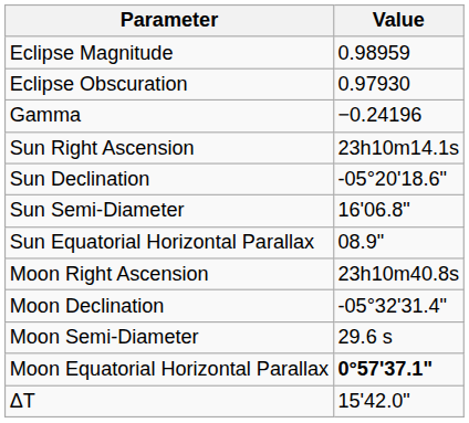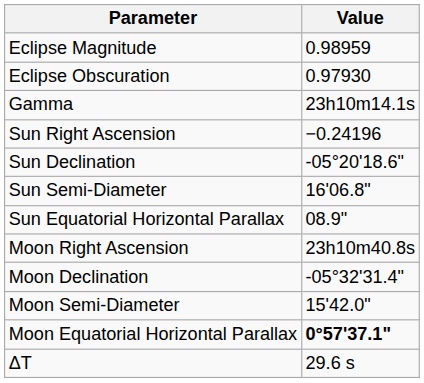 <table class="wikitable">
 <tr>
 <th>Parameter</th>
 <th>Value</th>
 </tr>
 <tr>
 <td>Eclipse Magnitude</td>
 <td>0.98959</td>
 </tr>
 <tr>
 <td>Eclipse Obscuration</td>
 <td>0.97930</td>
 </tr>
 <tr>
 <td>Gamma</td>
-<td>−0.24196</td>
+<td>23h10m14.1s</td>
 </tr>
 <tr>
 <td>Sun Right Ascension</td>
-<td>23h10m14.1s</td>
+<td>−0.24196</td>
 </tr>
 <tr>
 <td>Sun Declination</td>
 <td>-05°20'18.6"</td>
 </tr>
 <tr>
 <td>Sun Semi-Diameter</td>
 <td>16'06.8"</td>
 </tr>
 <tr>
 <td>Sun Equatorial Horizontal Parallax</td>
 <td>08.9"</td>
 </tr>
 <tr>
 <td>Moon Right Ascension</td>
 <td>23h10m40.8s</td>
 </tr>
 <tr>
 <td>Moon Declination</td>
 <td>-05°32'31.4"</td>
 </tr>
 <tr>
 <td>Moon Semi-Diameter</td>
-<td>29.6 s</td>
+<td>15'42.0"</td>
 </tr>
 <tr>
 <td>Moon Equatorial Horizontal Parallax</td>
 <td><strong>0°57'37.1"</strong></td>
 </tr>
 <tr>
 <td>ΔT</td>
-<td>15'42.0"</td>
+<td>29.6 s</td>
 </tr>
 </table>
